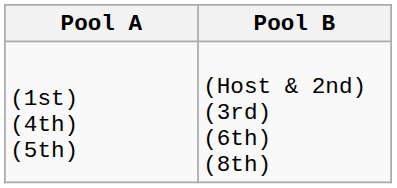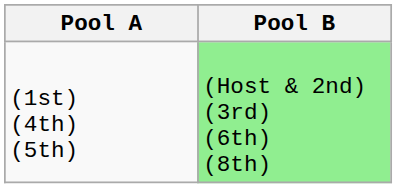 <table class="wikitable">
 <tr>
 <th width=45%>Pool A</th>
 <th width=45%>Pool B</th>
 </tr>
 <tr>
 <td><br> (1st)<br>  (4th)<br>  (5th)<br> </td>
-<td><br> (Host & 2nd)<br>  (3rd)<br>  (6th)<br>  (8th)</td>
+<td style="background: lightgreen;"><br> (Host & 2nd)<br>  (3rd)<br>  (6th)<br>  (8th)</td>
 </tr>
 </table>
